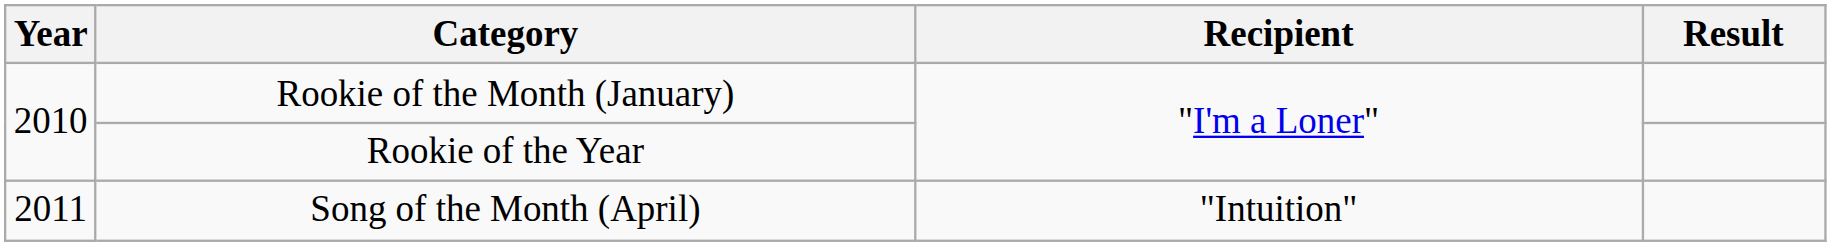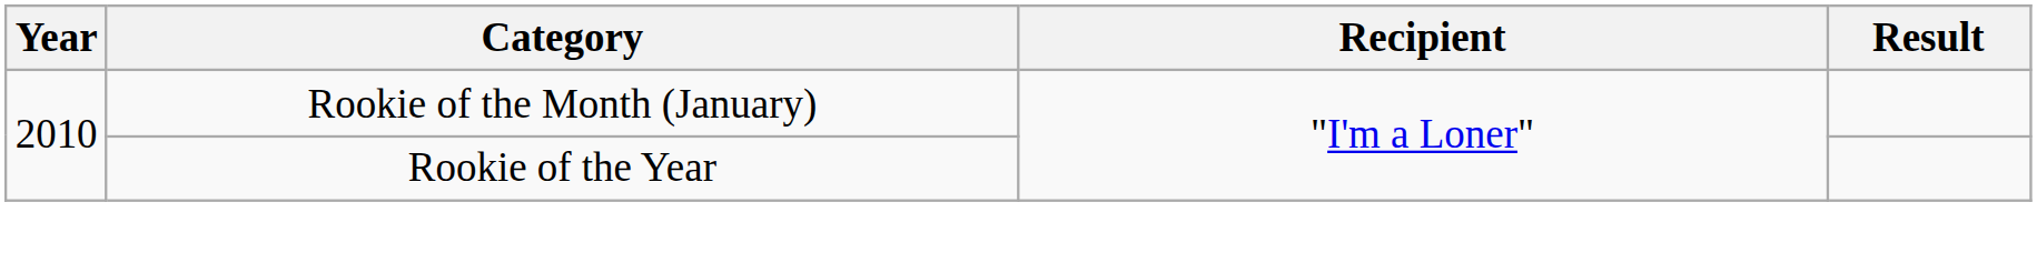 <table class="wikitable" style="text-align:center">
 <tr>
 <th width="5%">Year</th>
 <th width="45%">Category</th>
 <th width="40%">Recipient</th>
 <th width="10%">Result</th>
 </tr>
 <tr>
 <td rowspan="2">2010</td>
 <td>Rookie of the Month (January)</td>
 <td rowspan="2">"<a href='#'>I'm a Loner</a>"</td>
 <td></td>
 </tr>
 <tr>
 <td>Rookie of the Year</td>
 <td></td>
 </tr>
-<tr>
-<td>2011</td>
-<td>Song of the Month (April)</td>
-<td>"Intuition"</td>
-<td></td>
-</tr>
 </table>
